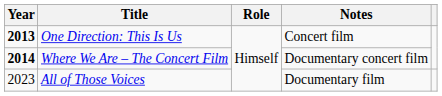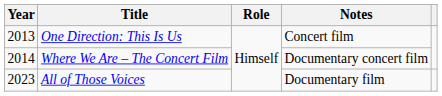 <table class="wikitable">
 <tr>
 <th>Year</th>
 <th>Title</th>
 <th>Role</th>
 <th>Notes</th>
 <th></th>
 </tr>
 <tr>
-<td><strong>2013</strong></td>
+<td>2013</td>
 <td><em><a href='#'>One Direction: This Is Us</a></em></td>
 <td rowspan="3">Himself</td>
 <td>Concert film</td>
 <td rowspan="2"></td>
 </tr>
 <tr>
-<td><strong>2014</strong></td>
+<td>2014</td>
 <td><em><a href='#'>Where We Are – The Concert Film</a></em></td>
 <td>Documentary concert film</td>
 </tr>
 <tr>
 <td>2023</td>
 <td><em><a href='#'>All of Those Voices</a></em></td>
 <td>Documentary film</td>
 <td></td>
 </tr>
 </table>
